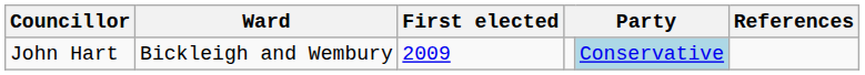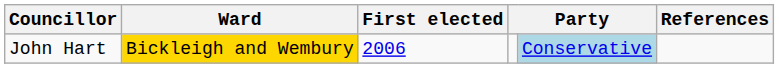 <table class="wikitable sortable">
 <tr>
 <th scope="col">Councillor</th>
 <th scope="col">Ward</th>
 <th scope="col">First elected</th>
 <th colspan="2" scope="col">Party</th>
 <th scope="col">References</th>
 </tr>
 <tr>
 <td>John Hart</td>
-<td>Bickleigh and Wembury</td>
-<td><a href='#'>2009</a></td>
+<td style="background: gold;">Bickleigh and Wembury</td>
+<td><a href='#'>2006</a></td>
 <td width="1"></td>
 <td style="background: lightblue;"><a href='#'>Conservative</a></td>
 <td></td>
 </tr>
 </table>
